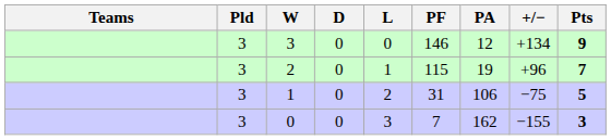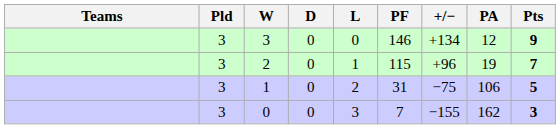 <table class="wikitable" style="text-align: center;">
 <tr>
 <th width="200">Teams</th>
 <th width="40">Pld</th>
 <th width="40">W</th>
 <th width="40">D</th>
 <th width="40">L</th>
 <th width="40">PF</th>
+<th width="40">+/−</th>
 <th width="40">PA</th>
-<th width="40">+/−</th>
 <th width="40">Pts</th>
 </tr>
 <tr bgcolor=ccffcc>
 <td align=left></td>
 <td>3</td>
 <td>3</td>
 <td>0</td>
 <td>0</td>
 <td>146</td>
+<td>+134</td>
 <td>12</td>
-<td>+134</td>
 <td><strong>9</strong></td>
 </tr>
 <tr bgcolor=ccffcc>
 <td align=left></td>
 <td>3</td>
 <td>2</td>
 <td>0</td>
 <td>1</td>
 <td>115</td>
+<td>+96</td>
 <td>19</td>
-<td>+96</td>
 <td><strong>7</strong></td>
 </tr>
 <tr bgcolor=ccccff>
 <td align=left></td>
 <td>3</td>
 <td>1</td>
 <td>0</td>
 <td>2</td>
 <td>31</td>
+<td>−75</td>
 <td>106</td>
-<td>−75</td>
 <td><strong>5</strong></td>
 </tr>
 <tr bgcolor=ccccff>
 <td align=left></td>
 <td>3</td>
 <td>0</td>
 <td>0</td>
 <td>3</td>
 <td>7</td>
+<td>−155</td>
 <td>162</td>
-<td>−155</td>
 <td><strong>3</strong></td>
 </tr>
 </table>
